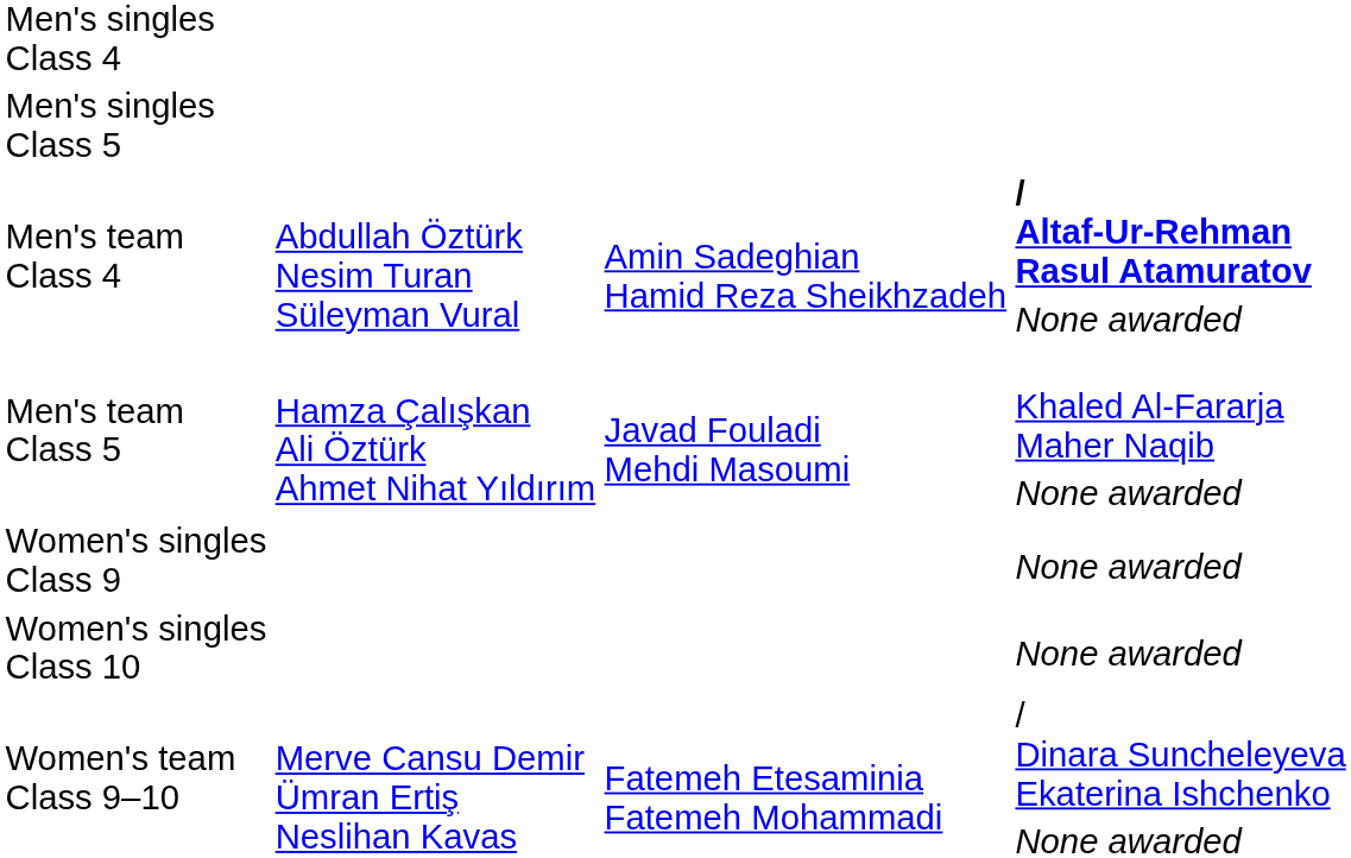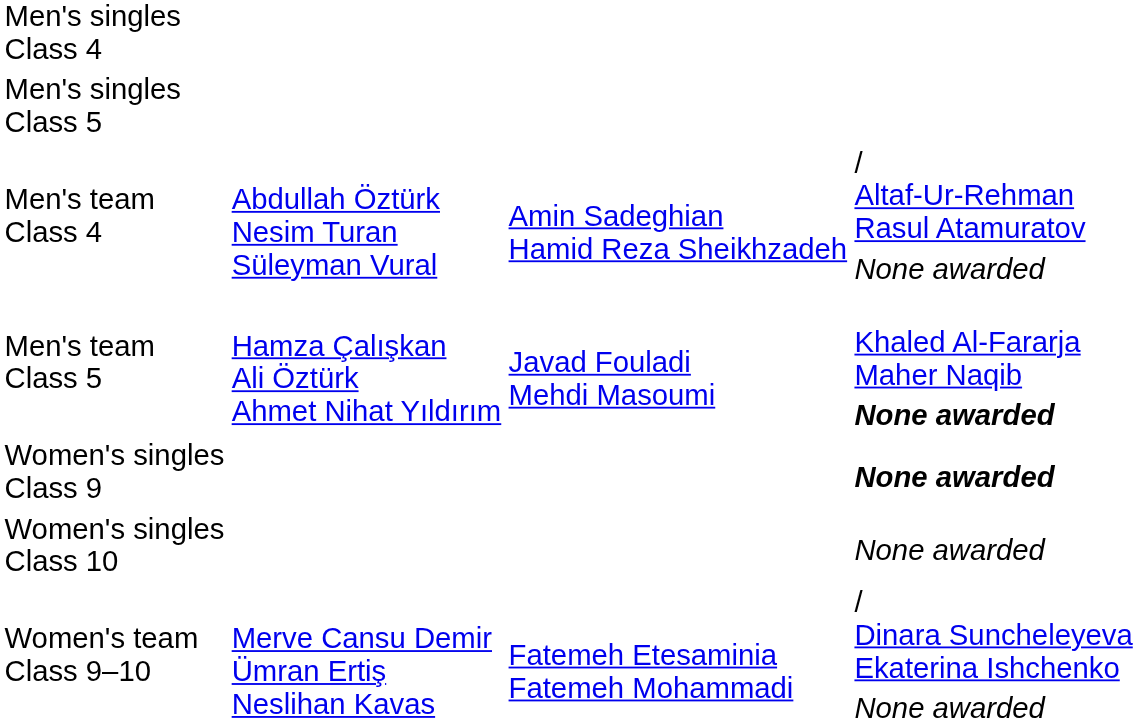 <table>
 <tr>
 <td rowspan=2>Men's singles<br>Class 4</td>
 <td rowspan=2></td>
 <td rowspan=2></td>
 <td></td>
 </tr>
 <tr>
 <td></td>
 </tr>
 <tr>
 <td rowspan=2>Men's singles<br>Class 5</td>
 <td rowspan=2></td>
 <td rowspan=2></td>
 <td></td>
 </tr>
 <tr>
 <td></td>
 </tr>
 <tr>
 <td rowspan=2>Men's team<br>Class 4</td>
 <td rowspan=2><br><a href='#'>Abdullah Öztürk</a><br><a href='#'>Nesim Turan</a><br><a href='#'>Süleyman Vural</a></td>
 <td rowspan=2><br><a href='#'>Amin Sadeghian</a><br><a href='#'>Hamid Reza Sheikhzadeh</a></td>
-<td><strong> / <br><a href='#'>Altaf-Ur-Rehman</a><br><a href='#'>Rasul Atamuratov</a></strong></td>
+<td> / <br><a href='#'>Altaf-Ur-Rehman</a><br><a href='#'>Rasul Atamuratov</a></td>
 </tr>
 <tr>
 <td><em>None awarded</em></td>
 </tr>
 <tr>
 <td rowspan=2>Men's team<br>Class 5</td>
 <td rowspan=2><br><a href='#'>Hamza Çalışkan</a><br><a href='#'>Ali Öztürk</a><br><a href='#'>Ahmet Nihat Yıldırım</a></td>
 <td rowspan=2><br><a href='#'>Javad Fouladi</a><br><a href='#'>Mehdi Masoumi</a></td>
 <td><br><a href='#'>Khaled Al-Fararja</a><br><a href='#'>Maher Naqib</a></td>
 </tr>
 <tr>
-<td><em>None awarded</em></td>
+<td><strong><em>None awarded</em></strong></td>
 </tr>
 <tr>
 <td rowspan=2>Women's singles<br>Class 9</td>
 <td rowspan=2></td>
 <td rowspan=2></td>
 <td></td>
 </tr>
 <tr>
-<td><em>None awarded</em></td>
+<td><strong><em>None awarded</em></strong></td>
 </tr>
 <tr>
 <td rowspan=2>Women's singles<br>Class 10</td>
 <td rowspan=2></td>
 <td rowspan=2></td>
 <td></td>
 </tr>
 <tr>
 <td><em>None awarded</em></td>
 </tr>
 <tr>
 <td rowspan=2>Women's team<br>Class 9–10</td>
 <td rowspan=2><br><a href='#'>Merve Cansu Demir</a><br><a href='#'>Ümran Ertiş</a><br><a href='#'>Neslihan Kavas</a></td>
 <td rowspan=2><br><a href='#'>Fatemeh Etesaminia</a><br><a href='#'>Fatemeh Mohammadi</a></td>
 <td> / <br><a href='#'>Dinara Suncheleyeva</a><br><a href='#'>Ekaterina Ishchenko</a></td>
 </tr>
 <tr>
 <td><em>None awarded</em></td>
 </tr>
 </table>
